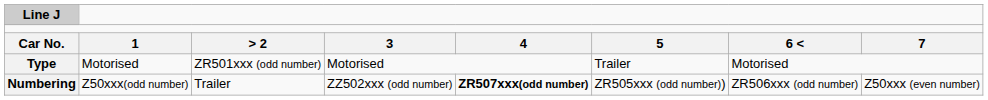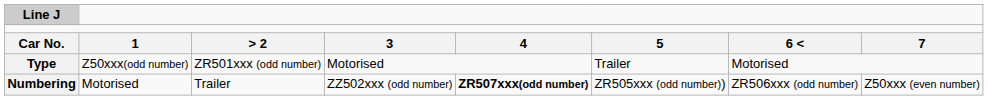 <table class="wikitable">
 <tr>
 <th style="background-color:#ccc;">Line J</th>
 <td colspan="7"></td>
 </tr>
 <tr style="line-height: 9px; background-color:#">
 <td colspan="8" style="padding:0; border:0;"> </td>
 </tr>
 <tr>
 <th>Car No.</th>
 <th>1</th>
 <th>> 2</th>
 <th>3</th>
 <th>4</th>
 <th>5</th>
 <th>6 <</th>
 <th>7</th>
 </tr>
 <tr>
 <th>Type</th>
-<td>Motorised</td>
+<td>Z50xxx<small>(odd number)</small></td>
 <td>ZR501xxx <small>(odd number)</small></td>
 <td colspan="2">Motorised</td>
 <td>Trailer</td>
 <td colspan="2">Motorised</td>
 </tr>
 <tr>
 <th>Numbering</th>
-<td>Z50xxx<small>(odd number)</small></td>
+<td>Motorised</td>
 <td>Trailer</td>
 <td>ZZ502xxx <small>(odd number)</small></td>
 <td><strong>ZR507xxx<small>(odd number)</small></strong></td>
 <td>ZR505xxx <small>(odd number)</small>)</td>
 <td>ZR506xxx <small>(odd number)</small></td>
 <td>Z50xxx <small>(even number)</small></td>
 </tr>
 </table>
